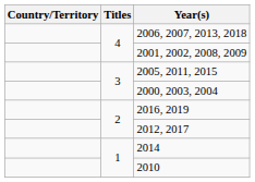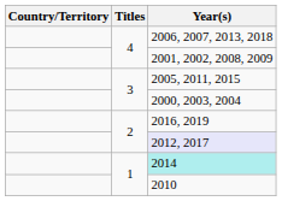 <table class="wikitable sortable" style="font-size:95%;">
 <tr>
 <th>Country/Territory</th>
 <th>Titles</th>
 <th>Year(s)</th>
 </tr>
 <tr>
 <td></td>
 <td rowspan="2" style="text-align:center;">4</td>
 <td>2006, 2007, 2013, 2018</td>
 </tr>
 <tr>
 <td></td>
 <td>2001, 2002, 2008, 2009</td>
 </tr>
 <tr>
 <td></td>
 <td rowspan="2" style="text-align:center;">3</td>
 <td>2005, 2011, 2015</td>
 </tr>
 <tr>
 <td></td>
 <td>2000, 2003, 2004</td>
 </tr>
 <tr>
 <td></td>
 <td rowspan="2" style="text-align:center;">2</td>
 <td>2016, 2019</td>
 </tr>
 <tr>
 <td></td>
-<td>2012, 2017</td>
+<td style="background: lavender;">2012, 2017</td>
 </tr>
 <tr>
 <td></td>
 <td rowspan="2" style="text-align:center;">1</td>
-<td>2014</td>
+<td style="background: paleturquoise;">2014</td>
 </tr>
 <tr>
 <td></td>
 <td>2010</td>
 </tr>
 </table>
